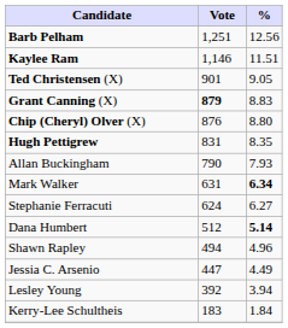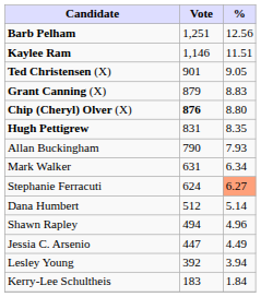 <table class="wikitable">
 <tr>
 <th style="background:#ddf; width:225px;">Candidate</th>
 <th style="background:#ddf; width:50px;">Vote</th>
 <th style="background:#ddf; width:30px;">%</th>
 </tr>
 <tr>
 <td><strong>Barb Pelham</strong></td>
 <td>1,251</td>
 <td>12.56</td>
 </tr>
 <tr>
 <td><strong>Kaylee Ram</strong></td>
 <td>1,146</td>
 <td>11.51</td>
 </tr>
 <tr>
 <td><strong>Ted Christensen</strong> (X)</td>
 <td>901</td>
 <td>9.05</td>
 </tr>
 <tr>
 <td><strong>Grant Canning</strong> (X)</td>
-<td><strong>879</strong></td>
+<td>879</td>
 <td>8.83</td>
 </tr>
 <tr>
 <td><strong>Chip (Cheryl) Olver</strong> (X)</td>
-<td>876</td>
+<td><strong>876</strong></td>
 <td>8.80</td>
 </tr>
 <tr>
 <td><strong>Hugh Pettigrew</strong></td>
 <td>831</td>
 <td>8.35</td>
 </tr>
 <tr>
 <td>Allan Buckingham</td>
 <td>790</td>
 <td>7.93</td>
 </tr>
 <tr>
 <td>Mark Walker</td>
 <td>631</td>
-<td><strong>6.34</strong></td>
+<td>6.34</td>
 </tr>
 <tr>
 <td>Stephanie Ferracuti</td>
 <td>624</td>
-<td>6.27</td>
+<td style="background: lightsalmon;">6.27</td>
 </tr>
 <tr>
 <td>Dana Humbert</td>
 <td>512</td>
-<td><strong>5.14</strong></td>
+<td>5.14</td>
 </tr>
 <tr>
 <td>Shawn Rapley</td>
 <td>494</td>
 <td>4.96</td>
 </tr>
 <tr>
 <td>Jessia C. Arsenio</td>
 <td>447</td>
 <td>4.49</td>
 </tr>
 <tr>
 <td>Lesley Young</td>
 <td>392</td>
 <td>3.94</td>
 </tr>
 <tr>
 <td>Kerry-Lee Schultheis</td>
 <td>183</td>
 <td>1.84</td>
 </tr>
 <tr>
 </tr>
 </table>
